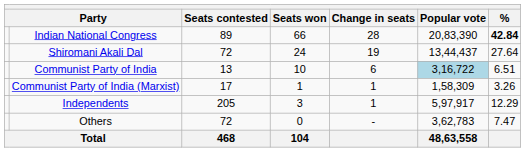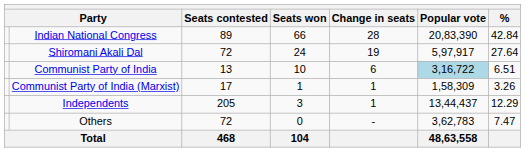 <table class="wikitable" style="text-align:center">
 <tr>
 <th colspan=10></th>
 </tr>
 <tr>
 <th colspan=2>Party</th>
 <th>Seats contested</th>
 <th>Seats won</th>
 <th>Change in seats</th>
 <th>Popular vote</th>
 <th>%</th>
 </tr>
 <tr>
 <td></td>
 <td><a href='#'>Indian National Congress</a></td>
 <td>89</td>
 <td>66</td>
 <td> 28</td>
 <td>20,83,390</td>
-<td><strong>42.84</strong></td>
+<td>42.84</td>
 </tr>
 <tr>
 <td></td>
 <td><a href='#'>Shiromani Akali Dal</a></td>
 <td>72</td>
 <td>24</td>
 <td> 19</td>
-<td>13,44,437</td>
+<td>5,97,917</td>
 <td>27.64</td>
 </tr>
 <tr>
 <td></td>
 <td><a href='#'>Communist Party of India</a></td>
 <td>13</td>
 <td>10</td>
 <td> 6</td>
 <td style="background: lightblue;">3,16,722</td>
 <td>6.51</td>
 </tr>
 <tr>
 <td></td>
 <td><a href='#'>Communist Party of India (Marxist)</a></td>
 <td>17</td>
 <td>1</td>
 <td> 1</td>
 <td>1,58,309</td>
 <td>3.26</td>
 </tr>
 <tr>
 <td></td>
 <td><a href='#'>Independents</a></td>
 <td>205</td>
 <td>3</td>
 <td> 1</td>
-<td>5,97,917</td>
+<td>13,44,437</td>
 <td>12.29</td>
 </tr>
 <tr>
 <td></td>
 <td>Others</td>
 <td>72</td>
 <td>0</td>
 <td>-</td>
 <td>3,62,783</td>
 <td>7.47</td>
 </tr>
 <tr>
 <th colspan=2>Total</th>
 <th>468</th>
 <th>104</th>
 <th></th>
 <th>48,63,558</th>
 <th></th>
 </tr>
 </table>
